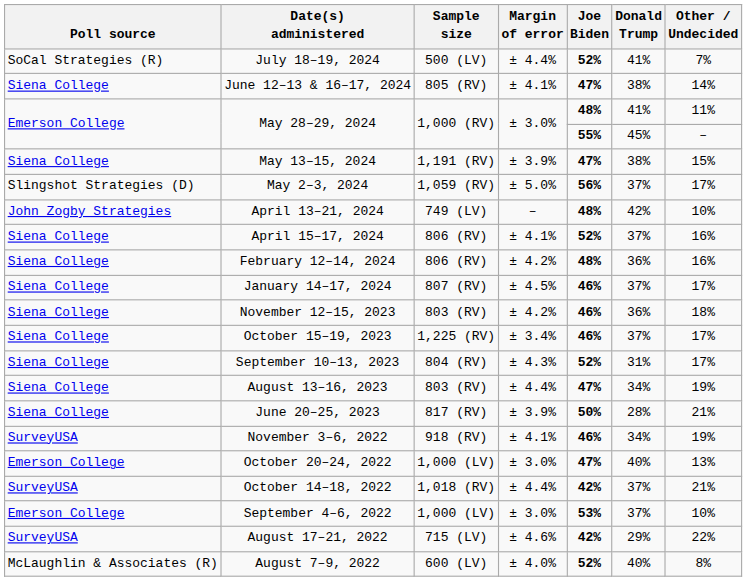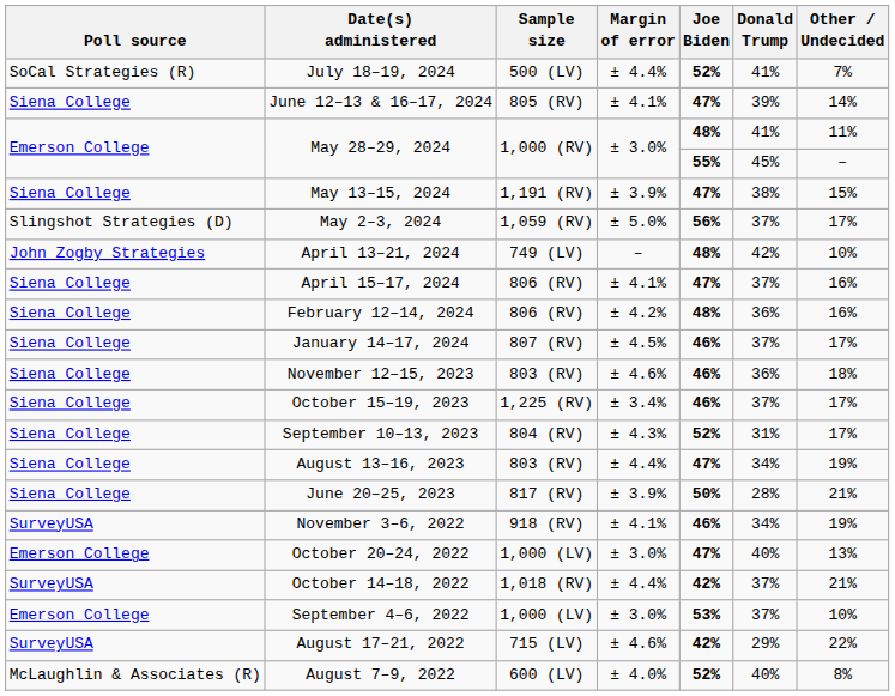 <table class="wikitable sortable mw-datatable" style="font-size:90%;text-align:center;line-height:17px">
 <tr valign=bottom>
 <th>Poll source</th>
 <th>Date(s)<br>administered</th>
 <th>Sample<br>size</th>
 <th>Margin<br>of error</th>
 <th class="unsortable">Joe<br>Biden<br></th>
 <th class="unsortable">Donald<br>Trump<br></th>
 <th class="unsortable">Other /<br>Undecided</th>
 </tr>
 <tr>
 <td style="text-align:left;">SoCal Strategies (R)</td>
 <td data-sort-value="2024-07-19">July 18–19, 2024</td>
 <td>500 (LV)</td>
 <td>± 4.4%</td>
 <td style="color:black;background-color:"><strong>52%</strong></td>
 <td>41%</td>
 <td>7%</td>
 </tr>
 <tr>
 <td style="text-align:left;"><a href='#'>Siena College</a></td>
 <td data-sort-value="2024-06-20">June 12–13 & 16–17, 2024</td>
 <td>805 (RV)</td>
 <td>± 4.1%</td>
 <td style="color:black;background-color:"><strong>47%</strong></td>
-<td>38%</td>
+<td>39%</td>
 <td>14%</td>
 </tr>
 <tr>
 <td style="text-align:left;" rowspan="2"><a href='#'>Emerson College</a></td>
 <td rowspan="2">May 28–29, 2024</td>
 <td rowspan="2">1,000 (RV)</td>
 <td rowspan="2">± 3.0%</td>
 <td style="color:black;background-color:"><strong>48%</strong></td>
 <td>41%</td>
 <td>11%</td>
 </tr>
 <tr>
 <td style="color:black;background-color:"><strong>55%</strong></td>
 <td>45%</td>
 <td>–</td>
 </tr>
 <tr>
 <td style="text-align:left;"><a href='#'>Siena College</a></td>
 <td data-sort-value="2024-05-22">May 13–15, 2024</td>
 <td>1,191 (RV)</td>
 <td>± 3.9%</td>
 <td style="color:black;background-color:"><strong>47%</strong></td>
 <td>38%</td>
 <td>15%</td>
 </tr>
 <tr>
 <td style="text-align:left;">Slingshot Strategies (D)</td>
 <td data-sort-value="2024-05-11">May 2–3, 2024</td>
 <td>1,059 (RV)</td>
 <td>± 5.0%</td>
 <td style="color:black;background-color:"><strong>56%</strong></td>
 <td>37%</td>
 <td>17%</td>
 </tr>
 <tr>
 <td style="text-align:left;"><a href='#'>John Zogby Strategies</a></td>
 <td data-sort-value="2024-05-01">April 13–21, 2024</td>
 <td>749 (LV)</td>
 <td>–</td>
 <td style="color:black;background-color:"><strong>48%</strong></td>
 <td>42%</td>
 <td>10%</td>
 </tr>
 <tr>
 <td style="text-align:left;"><a href='#'>Siena College</a></td>
 <td data-sort-value="2024-04-22">April 15–17, 2024</td>
 <td>806 (RV)</td>
 <td>± 4.1%</td>
-<td style="color:black;background-color:"><strong>52%</strong></td>
+<td style="color:black;background-color:"><strong>47%</strong></td>
 <td>37%</td>
 <td>16%</td>
 </tr>
 <tr>
 <td style="text-align:left;"><a href='#'>Siena College</a></td>
 <td data-sort-value="2024-02-20">February 12–14, 2024</td>
 <td>806 (RV)</td>
 <td>± 4.2%</td>
 <td style="color:black;background-color:"><strong>48%</strong></td>
 <td>36%</td>
 <td>16%</td>
 </tr>
 <tr>
 <td style="text-align:left;"><a href='#'>Siena College</a></td>
 <td data-sort-value="2024-01-22">January 14–17, 2024</td>
 <td>807 (RV)</td>
 <td>± 4.5%</td>
 <td style="color:black;background-color:"><strong>46%</strong></td>
 <td>37%</td>
 <td>17%</td>
 </tr>
 <tr>
 <td style="text-align:left;"><a href='#'>Siena College</a></td>
 <td data-sort-value="2023-11-20">November 12–15, 2023</td>
 <td>803 (RV)</td>
-<td>± 4.2%</td>
+<td>± 4.6%</td>
 <td style="color:black;background-color:"><strong>46%</strong></td>
 <td>36%</td>
 <td>18%</td>
 </tr>
 <tr>
 <td style="text-align:left;"><a href='#'>Siena College</a></td>
 <td data-sort-value="2023-10-19">October 15–19, 2023</td>
 <td>1,225 (RV)</td>
 <td>± 3.4%</td>
 <td style="color:black;background-color:"><strong>46%</strong></td>
 <td>37%</td>
 <td>17%</td>
 </tr>
 <tr>
 <td style="text-align:left;"><a href='#'>Siena College</a></td>
 <td data-sort-value="2023-10-19">September 10–13, 2023</td>
 <td>804 (RV)</td>
 <td>± 4.3%</td>
 <td style="color:black;background-color:"><strong>52%</strong></td>
 <td>31%</td>
 <td>17%</td>
 </tr>
 <tr>
 <td style="text-align:left;"><a href='#'>Siena College</a></td>
 <td data-sort-value="2023-08-16">August 13–16, 2023</td>
 <td>803 (RV)</td>
 <td>± 4.4%</td>
 <td style="color:black;background-color:"><strong>47%</strong></td>
 <td>34%</td>
 <td>19%</td>
 </tr>
 <tr>
 <td style="text-align:left;"><a href='#'>Siena College</a></td>
 <td data-sort-value="2023-06-25">June 20–25, 2023</td>
 <td>817 (RV)</td>
 <td>± 3.9%</td>
 <td style="color:black;background-color:"><strong>50%</strong></td>
 <td>28%</td>
 <td>21%</td>
 </tr>
 <tr>
 <td style="text-align:left;"><a href='#'>SurveyUSA</a></td>
 <td data-sort-value="2022-11-06">November 3–6, 2022</td>
 <td>918 (RV)</td>
 <td>± 4.1%</td>
 <td style="color:black;background-color:"><strong>46%</strong></td>
 <td>34%</td>
 <td>19%</td>
 </tr>
 <tr>
 <td style="text-align:left;"><a href='#'>Emerson College</a></td>
 <td data-sort-value="2022-10-24">October 20–24, 2022</td>
 <td>1,000 (LV)</td>
 <td>± 3.0%</td>
 <td style="color:black;background-color:"><strong>47%</strong></td>
 <td>40%</td>
 <td>13%</td>
 </tr>
 <tr>
 <td style="text-align:left;"><a href='#'>SurveyUSA</a></td>
 <td data-sort-value="2022-10-18">October 14–18, 2022</td>
 <td>1,018 (RV)</td>
 <td>± 4.4%</td>
 <td style="color:black;background-color:"><strong>42%</strong></td>
 <td>37%</td>
 <td>21%</td>
 </tr>
 <tr>
 <td style="text-align:left;"><a href='#'>Emerson College</a></td>
 <td data-sort-value="2022-09-06">September 4–6, 2022</td>
 <td>1,000 (LV)</td>
 <td>± 3.0%</td>
 <td style="color:black;background-color:"><strong>53%</strong></td>
 <td>37%</td>
 <td>10%</td>
 </tr>
 <tr>
 <td style="text-align:left;"><a href='#'>SurveyUSA</a></td>
 <td data-sort-value="2022-08-21">August 17–21, 2022</td>
 <td>715 (LV)</td>
 <td>± 4.6%</td>
 <td style="color:black;background-color:"><strong>42%</strong></td>
 <td>29%</td>
 <td>22%</td>
 </tr>
 <tr>
 <td style="text-align:left;">McLaughlin & Associates (R)</td>
 <td data-sort-value="2022-08-09">August 7–9, 2022</td>
 <td>600 (LV)</td>
 <td>± 4.0%</td>
 <td style="color:black;background-color:"><strong>52%</strong></td>
 <td>40%</td>
 <td>8%</td>
 </tr>
 </table>
